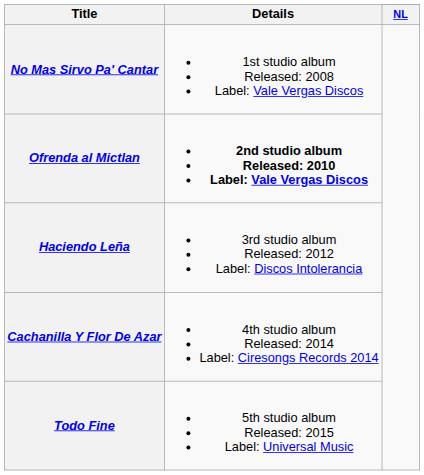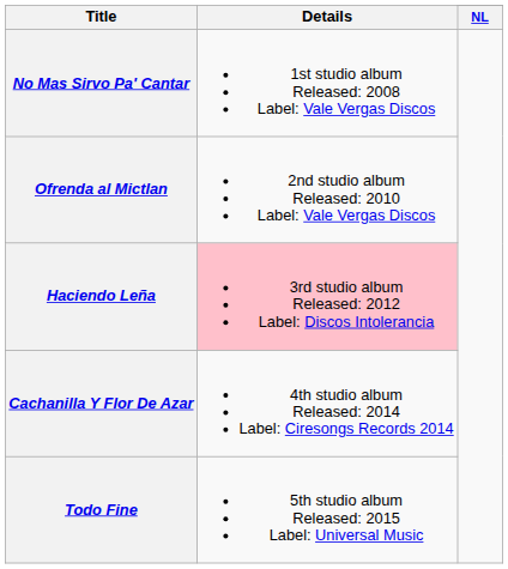 <table class="wikitable plainrowheaders" style="text-align:center;">
 <tr>
 <th scope="col" rowspan="2">Title</th>
 <th scope="col" rowspan="2">Details</th>
 </tr>
 <tr>
 <th scope="col" style="width:3em;font-size:85%;"><a href='#'>NL</a></th>
 </tr>
 <tr>
 <th scope="row"><em><a href='#'>No Mas Sirvo Pa' Cantar</a></em></th>
 <td><br><ul><li>1st studio album</li><li>Released: 2008</li><li>Label: <a href='#'>Vale Vergas Discos</a></li></ul></td>
 </tr>
 <tr>
 <th scope="row"><em><a href='#'>Ofrenda al Mictlan</a></em></th>
-<td><strong><br><ul><li>2nd studio album</li><li>Released: 2010</li><li>Label: <a href='#'>Vale Vergas Discos</a></li></ul></strong></td>
+<td><br><ul><li>2nd studio album</li><li>Released: 2010</li><li>Label: <a href='#'>Vale Vergas Discos</a></li></ul></td>
 </tr>
 <tr>
 <th scope="row"><em><a href='#'>Haciendo Leña</a></em></th>
-<td><br><ul><li>3rd studio album</li><li>Released: 2012</li><li>Label: <a href='#'>Discos Intolerancia</a></li></ul></td>
+<td style="background: pink;"><br><ul><li>3rd studio album</li><li>Released: 2012</li><li>Label: <a href='#'>Discos Intolerancia</a></li></ul></td>
 </tr>
 <tr>
 <th scope="row"><em><a href='#'>Cachanilla Y Flor De Azar</a></em></th>
 <td><br><ul><li>4th studio album</li><li>Released: 2014</li><li>Label: <a href='#'>Ciresongs Records 2014</a></li></ul></td>
 </tr>
 <tr>
 <th scope="row"><em><a href='#'>Todo Fine</a></em></th>
 <td><br><ul><li>5th studio album</li><li>Released: 2015</li><li>Label: <a href='#'>Universal Music</a></li></ul></td>
 </tr>
 </table>
